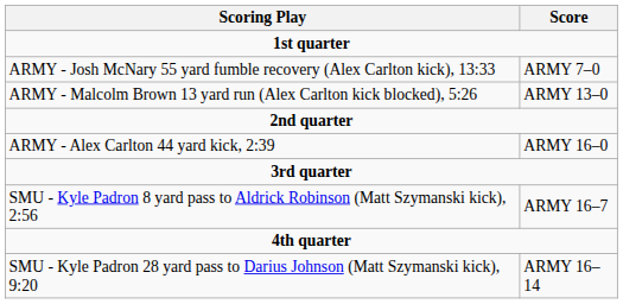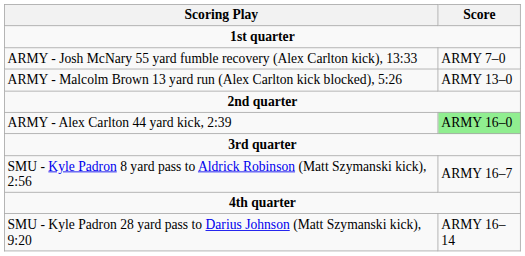 <table class="wikitable">
 <tr>
 <th>Scoring Play</th>
 <th>Score</th>
 </tr>
 <tr>
 <td colspan="4" style="text-align:center;"><strong>1st quarter</strong></td>
 </tr>
 <tr>
 <td>ARMY - Josh McNary 55 yard fumble recovery (Alex Carlton kick), 13:33</td>
 <td>ARMY 7–0</td>
 </tr>
 <tr>
 <td>ARMY - Malcolm Brown 13 yard run (Alex Carlton kick blocked), 5:26</td>
 <td>ARMY 13–0</td>
 </tr>
 <tr>
 <td colspan="4" style="text-align:center;"><strong>2nd quarter</strong></td>
 </tr>
 <tr>
 <td>ARMY - Alex Carlton 44 yard kick, 2:39</td>
-<td>ARMY 16–0</td>
+<td style="background: lightgreen;">ARMY 16–0</td>
 </tr>
 <tr>
 <td colspan="4" style="text-align:center;"><strong>3rd quarter</strong></td>
 </tr>
 <tr>
 <td>SMU - <a href='#'>Kyle Padron</a> 8 yard pass to <a href='#'>Aldrick Robinson</a> (Matt Szymanski kick), 2:56</td>
 <td>ARMY 16–7</td>
 </tr>
 <tr>
 <td colspan="4" style="text-align:center;"><strong>4th quarter</strong></td>
 </tr>
 <tr>
 <td>SMU - Kyle Padron 28 yard pass to <a href='#'>Darius Johnson</a> (Matt Szymanski kick), 9:20</td>
 <td>ARMY 16–14</td>
 </tr>
 </table>
